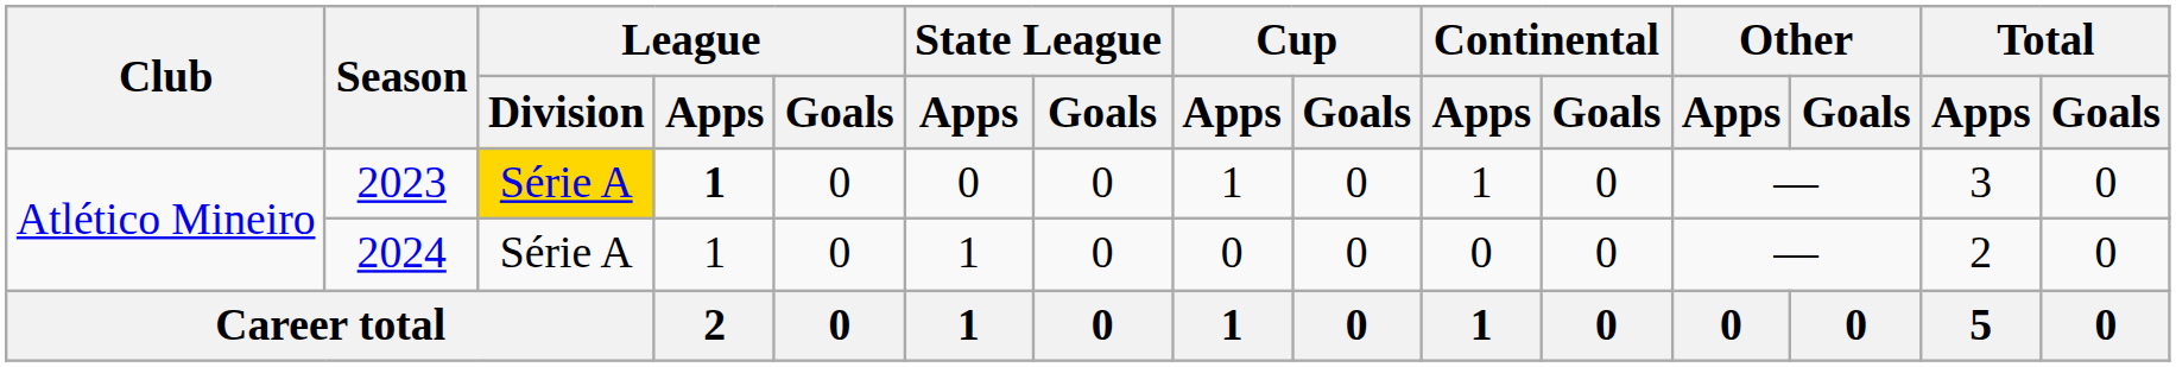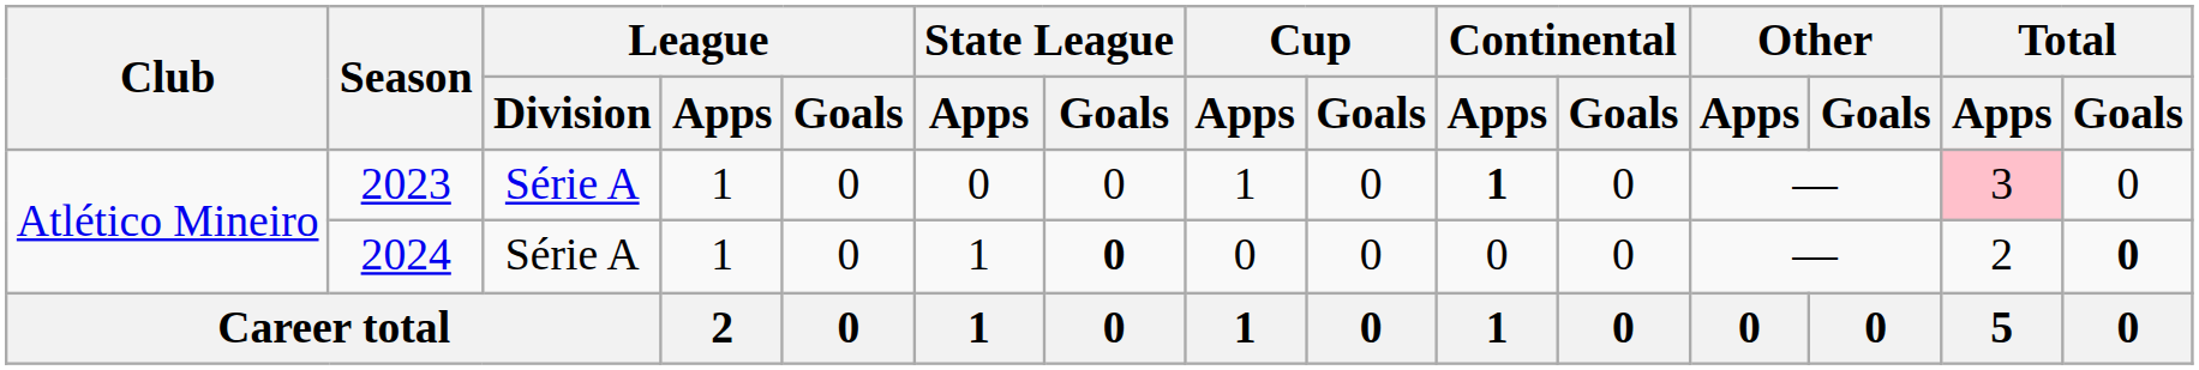 <table class="wikitable" style="text-align: center;">
 <tr>
 <th rowspan="2">Club</th>
 <th rowspan="2">Season</th>
 <th colspan="3">League</th>
 <th colspan="2">State League</th>
 <th colspan="2">Cup</th>
 <th colspan="2">Continental</th>
 <th colspan="2">Other</th>
 <th colspan="2">Total</th>
 </tr>
 <tr>
 <th>Division</th>
 <th>Apps</th>
 <th>Goals</th>
 <th>Apps</th>
 <th>Goals</th>
 <th>Apps</th>
 <th>Goals</th>
 <th>Apps</th>
 <th>Goals</th>
 <th>Apps</th>
 <th>Goals</th>
 <th>Apps</th>
 <th>Goals</th>
 </tr>
 <tr>
 <td rowspan=2><a href='#'>Atlético Mineiro</a></td>
 <td><a href='#'>2023</a></td>
-<td style="background: gold;"><a href='#'>Série A</a></td>
-<td><strong>1</strong></td>
+<td><a href='#'>Série A</a></td>
+<td>1</td>
 <td>0</td>
 <td>0</td>
 <td>0</td>
 <td>1</td>
 <td>0</td>
-<td>1</td>
+<td><strong>1</strong></td>
 <td>0</td>
 <td colspan="2">—</td>
-<td>3</td>
+<td style="background: pink;">3</td>
 <td>0</td>
 </tr>
 <tr>
 <td><a href='#'>2024</a></td>
 <td>Série A</td>
 <td>1</td>
 <td>0</td>
 <td>1</td>
-<td>0</td>
+<td><strong>0</strong></td>
 <td>0</td>
 <td>0</td>
 <td>0</td>
 <td>0</td>
 <td colspan="2">—</td>
 <td>2</td>
-<td>0</td>
+<td><strong>0</strong></td>
 </tr>
 <tr>
 <th colspan="3">Career total</th>
 <th>2</th>
 <th>0</th>
 <th>1</th>
 <th>0</th>
 <th>1</th>
 <th>0</th>
 <th>1</th>
 <th>0</th>
 <th>0</th>
 <th>0</th>
 <th>5</th>
 <th>0</th>
 </tr>
 </table>
